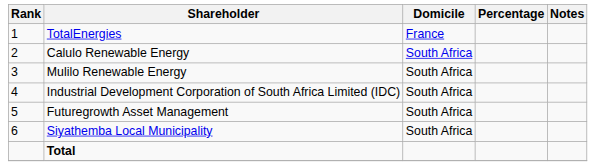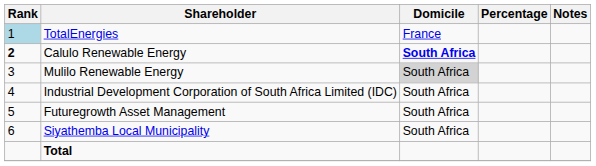 <table class="wikitable sortable" style="margin: 0.5em auto">
 <tr>
 <th>Rank</th>
 <th>Shareholder</th>
 <th>Domicile</th>
 <th>Percentage</th>
 <th>Notes</th>
 </tr>
 <tr>
-<td>1</td>
+<td style="background: lightblue;">1</td>
 <td><a href='#'>TotalEnergies</a></td>
 <td><a href='#'>France</a></td>
 <td></td>
 <td></td>
 </tr>
 <tr>
-<td>2</td>
+<td><strong>2</strong></td>
 <td>Calulo Renewable Energy</td>
-<td><a href='#'>South Africa</a></td>
+<td><strong><a href='#'>South Africa</a></strong></td>
 <td></td>
 <td></td>
 </tr>
 <tr>
 <td>3</td>
 <td>Mulilo Renewable Energy</td>
-<td>South Africa</td>
+<td style="background: lightgrey;">South Africa</td>
 <td></td>
 <td></td>
 </tr>
 <tr>
 <td>4</td>
 <td>Industrial Development Corporation of South Africa Limited (IDC)</td>
 <td>South Africa</td>
 <td></td>
 <td></td>
 </tr>
 <tr>
 <td>5</td>
 <td>Futuregrowth Asset Management</td>
 <td>South Africa</td>
 <td></td>
 <td></td>
 </tr>
 <tr>
 <td>6</td>
 <td><a href='#'>Siyathemba Local Municipality</a></td>
 <td>South Africa</td>
 <td></td>
 <td></td>
 </tr>
 <tr>
 <td></td>
 <td><strong>Total</strong></td>
 <td></td>
 <td></td>
 <td></td>
 </tr>
 <tr>
 </tr>
 </table>
